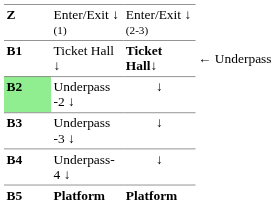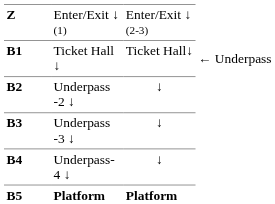 <table border="0" cellspacing="0" cellpadding="3">
 <tr>
 <td style="border-top:solid 1px gray;" width="50" valign="top"><strong>Z</strong></td>
 <td style="border-top:solid 1px gray;" width="80" valign="top">Enter/Exit ↓<br><small>(1)</small></td>
 <td style="border-top:solid 1px gray;" width="80" valign="top">Enter/Exit ↓<br><small>(2-3)</small></td>
 <td></td>
 </tr>
 <tr>
 <td style="border-top:solid 1px gray;" width="50" valign="top"><strong>B1</strong></td>
 <td style="border-top:solid 1px gray;" width="80" valign="top">Ticket Hall ↓</td>
-<td style="border-top:solid 1px gray;" width="80" valign="top"><strong>Ticket Hall↓<br></strong></td>
+<td style="border-top:solid 1px gray;" width="80" valign="top">Ticket Hall↓<br></td>
 <td>← Underpass</td>
 </tr>
 <tr>
-<td style="background: lightgreen; border-top:solid 1px gray;" width="50" valign="top"><strong>B2</strong></td>
+<td style="border-top:solid 1px gray;" width="50" valign="top"><strong>B2</strong></td>
 <td style="border-top:solid 1px gray;" width="80" valign="top">Underpass -2 ↓</td>
 <td style="border-top:solid 1px gray;text-align:center;" width="80" valign="top">↓</td>
 <td></td>
 </tr>
 <tr>
 <td style="border-top:solid 1px gray;" width="50" valign="top"><strong>B3</strong></td>
 <td style="border-top:solid 1px gray;" width="80" valign="top">Underpass -3 ↓</td>
 <td style="border-top:solid 1px gray;text-align:center;" width="80" valign="top">↓</td>
 <td></td>
 </tr>
 <tr>
 <td style="border-top:solid 1px gray;" width="50" valign="top"><strong>B4</strong></td>
 <td style="border-top:solid 1px gray;" width="80" valign="top">Underpass-4 ↓</td>
 <td style="border-top:solid 1px gray;text-align:center;" width="80" valign="top">↓</td>
 <td></td>
 </tr>
 <tr>
 <td style="border-top:solid 1px gray;" width="50" valign="top"><strong>B5</strong></td>
 <td style="border-top:solid 1px gray;" width="80" valign="top"><strong>Platform</strong></td>
 <td style="border-top:solid 1px gray;" width="80" valign="top"><strong>Platform</strong></td>
 <td></td>
 </tr>
 </table>
